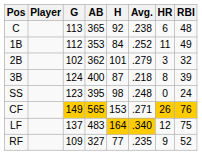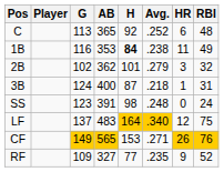 <table class="wikitable sortable">
 <tr>
 <th>Pos</th>
 <th>Player</th>
 <th>G</th>
 <th>AB</th>
 <th>H</th>
 <th>Avg.</th>
 <th>HR</th>
 <th>RBI</th>
 </tr>
 <tr align="center">
 <td>C</td>
 <td></td>
 <td>113</td>
 <td>365</td>
 <td>92</td>
-<td>.238</td>
+<td>.252</td>
 <td>6</td>
 <td>48</td>
 </tr>
 <tr align="center">
 <td>1B</td>
 <td></td>
-<td>112</td>
+<td>116</td>
 <td>353</td>
-<td>84</td>
-<td>.252</td>
+<td><strong>84</strong></td>
+<td>.238</td>
 <td>11</td>
 <td>49</td>
 </tr>
 <tr align="center">
 <td>2B</td>
 <td></td>
 <td>102</td>
 <td>362</td>
 <td>101</td>
 <td>.279</td>
 <td>3</td>
 <td>32</td>
 </tr>
 <tr align="center">
 <td>3B</td>
 <td></td>
 <td>124</td>
 <td>400</td>
 <td>87</td>
 <td>.218</td>
-<td>8</td>
-<td>39</td>
+<td>1</td>
+<td>31</td>
 </tr>
 <tr align="center">
 <td>SS</td>
 <td></td>
 <td>123</td>
-<td>395</td>
+<td>391</td>
 <td>98</td>
 <td>.248</td>
 <td>0</td>
 <td>24</td>
+</tr>
+<tr align="center">
+<td>LF</td>
+<td></td>
+<td>137</td>
+<td>483</td>
+<td bgcolor="#FFCC00">164</td>
+<td bgcolor="#FFCC00">.340</td>
+<td>12</td>
+<td>75</td>
 </tr>
 <tr align="center">
 <td>CF</td>
 <td></td>
 <td bgcolor="#FFCC00">149</td>
 <td bgcolor="#FFCC00">565</td>
 <td>153</td>
 <td>.271</td>
 <td bgcolor="#FFCC00">26</td>
 <td bgcolor="#FFCC00">76</td>
 </tr>
 <tr align="center">
-<td>LF</td>
-<td></td>
-<td>137</td>
-<td>483</td>
-<td bgcolor="#FFCC00">164</td>
-<td bgcolor="#FFCC00">.340</td>
-<td>12</td>
-<td>75</td>
-</tr>
-<tr align="center">
 <td>RF</td>
 <td></td>
 <td>109</td>
 <td>327</td>
 <td>77</td>
 <td>.235</td>
 <td>9</td>
 <td>52</td>
 </tr>
 </table>
